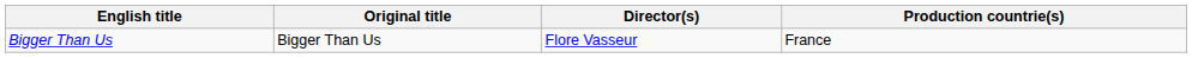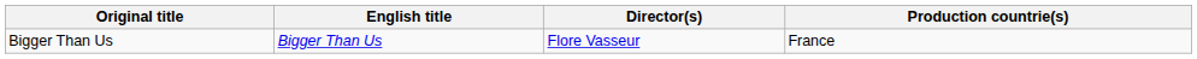 <table class="sortable wikitable" style="width:100%; margin-bottom:4px" cellpadding="5">
 <tr>
+<th scope="col">Original title</th>
 <th scope="col">English title</th>
-<th scope="col">Original title</th>
 <th scope="col">Director(s)</th>
 <th scope="col">Production countrie(s)</th>
 </tr>
 <tr>
+<td>Bigger Than Us</td>
 <td><em><a href='#'>Bigger Than Us</a></em></td>
-<td>Bigger Than Us</td>
 <td><a href='#'>Flore Vasseur</a></td>
 <td>France</td>
 </tr>
 </table>
